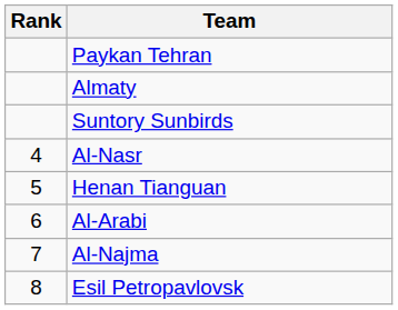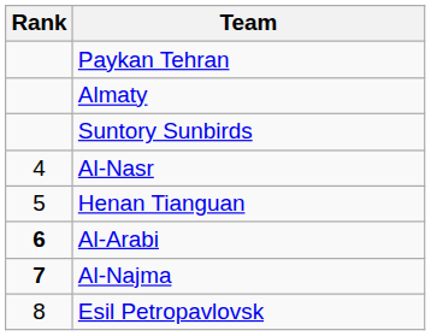 <table class="wikitable" style="text-align: center;">
 <tr>
 <th width=40>Rank</th>
 <th width=240>Team</th>
 </tr>
 <tr>
 <td></td>
 <td align="left"> <a href='#'>Paykan Tehran</a></td>
 </tr>
 <tr>
 <td></td>
 <td align="left"> <a href='#'>Almaty</a></td>
 </tr>
 <tr>
 <td></td>
 <td align="left"> <a href='#'>Suntory Sunbirds</a></td>
 </tr>
 <tr>
 <td>4</td>
 <td align="left"> <a href='#'>Al-Nasr</a></td>
 </tr>
 <tr>
 <td>5</td>
 <td align="left"> <a href='#'>Henan Tianguan</a></td>
 </tr>
 <tr>
-<td>6</td>
+<td><strong>6</strong></td>
 <td align="left"> <a href='#'>Al-Arabi</a></td>
 </tr>
 <tr>
-<td>7</td>
+<td><strong>7</strong></td>
 <td align="left"> <a href='#'>Al-Najma</a></td>
 </tr>
 <tr>
 <td>8</td>
 <td align="left"> <a href='#'>Esil Petropavlovsk</a></td>
 </tr>
 </table>
